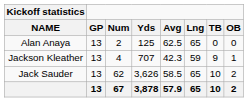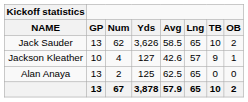 <table class="wikitable sortable" style="text-align:center;">
 <tr>
 <th style="text-align:center; ">Kickoff statistics</th>
 </tr>
 <tr>
 <th>NAME</th>
 <th>GP</th>
 <th>Num</th>
 <th>Yds</th>
 <th>Avg</th>
 <th>Lng</th>
 <th>TB</th>
 <th>OB</th>
 </tr>
 <tr>
+<td>Jack Sauder</td>
+<td>13</td>
+<td>62</td>
+<td>3,626</td>
+<td>58.5</td>
+<td>65</td>
+<td>10</td>
+<td>2</td>
+</tr>
+<tr>
+<td>Jackson Kleather</td>
+<td>10</td>
+<td>4</td>
+<td>127</td>
+<td>42.6</td>
+<td>57</td>
+<td>9</td>
+<td>1</td>
+</tr>
+<tr>
 <td>Alan Anaya</td>
 <td>13</td>
 <td>2</td>
 <td>125</td>
 <td>62.5</td>
 <td>65</td>
 <td>0</td>
 <td>0</td>
-</tr>
-<tr>
-<td>Jackson Kleather</td>
-<td>13</td>
-<td>4</td>
-<td>707</td>
-<td>42.3</td>
-<td>59</td>
-<td>9</td>
-<td>1</td>
-</tr>
-<tr>
-<td>Jack Sauder</td>
-<td>13</td>
-<td>62</td>
-<td>3,626</td>
-<td>58.5</td>
-<td>65</td>
-<td>10</td>
-<td>2</td>
 </tr>
 <tr>
 <th colspan="1"></th>
 <th>13</th>
 <th>67</th>
 <th>3,878</th>
 <th>57.9</th>
 <th>65</th>
 <th>10</th>
 <th>2</th>
 </tr>
 </table>
